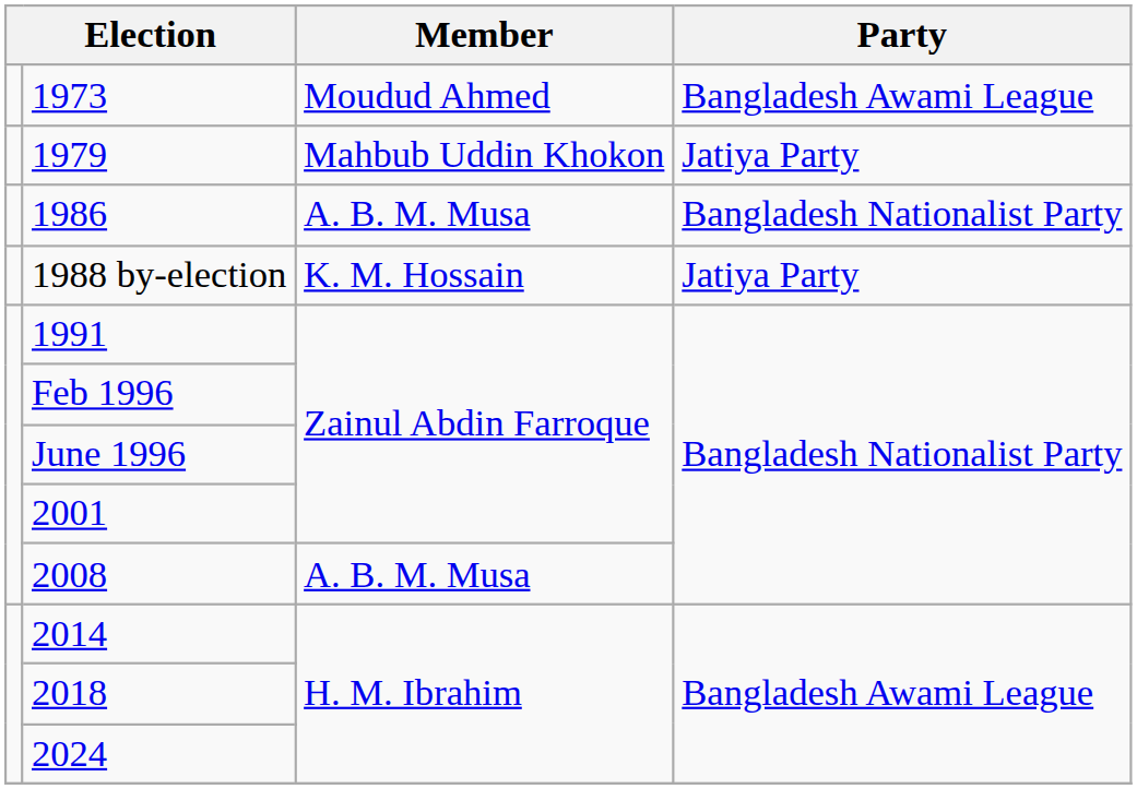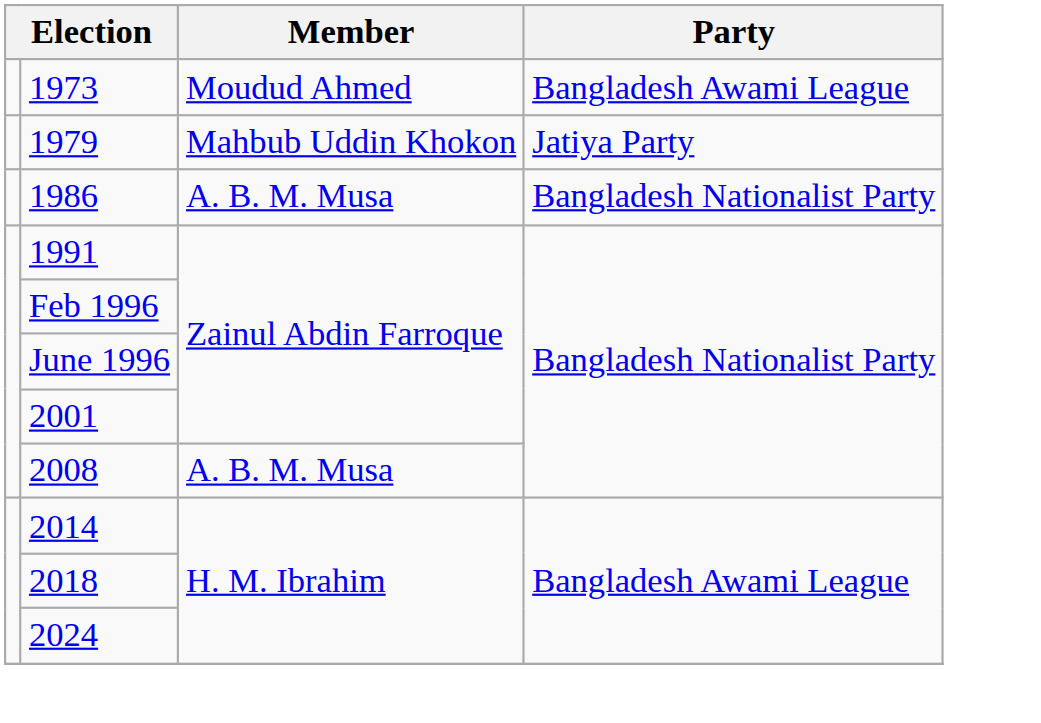 <table class="wikitable">
 <tr>
 <th colspan="2">Election</th>
 <th>Member</th>
 <th>Party</th>
 </tr>
 <tr>
 <td style="background-color:"></td>
 <td><a href='#'>1973</a></td>
 <td><a href='#'>Moudud Ahmed</a></td>
 <td><a href='#'>Bangladesh Awami League</a></td>
 </tr>
 <tr>
 <td style="background-color:"></td>
 <td><a href='#'>1979</a></td>
 <td><a href='#'>Mahbub Uddin Khokon</a></td>
 <td><a href='#'>Jatiya Party</a></td>
 </tr>
 <tr>
 <td style="background-color:"></td>
 <td><a href='#'>1986</a></td>
 <td><a href='#'>A. B. M. Musa</a></td>
 <td><a href='#'>Bangladesh Nationalist Party</a></td>
-</tr>
-<tr>
-<td style="background-color:"></td>
-<td>1988 by-election</td>
-<td><a href='#'>K. M. Hossain</a></td>
-<td><a href='#'>Jatiya Party</a></td>
 </tr>
 <tr>
 <td rowspan="5" style="background-color:"></td>
 <td><a href='#'>1991</a></td>
 <td rowspan="4"><a href='#'>Zainul Abdin Farroque</a></td>
 <td rowspan="5"><a href='#'>Bangladesh Nationalist Party</a></td>
 </tr>
 <tr>
 <td><a href='#'>Feb 1996</a></td>
 </tr>
 <tr>
 <td><a href='#'>June 1996</a></td>
 </tr>
 <tr>
 <td><a href='#'>2001</a></td>
 </tr>
 <tr>
 <td><a href='#'>2008</a></td>
 <td><a href='#'>A. B. M. Musa</a></td>
 </tr>
 <tr>
 <td rowspan="3" style="background-color:"></td>
 <td><a href='#'>2014</a></td>
 <td rowspan="3"><a href='#'>H. M. Ibrahim</a></td>
 <td rowspan="3"><a href='#'>Bangladesh Awami League</a></td>
 </tr>
 <tr>
 <td><a href='#'>2018</a></td>
 </tr>
 <tr>
 <td><a href='#'>2024</a></td>
 </tr>
 <tr>
 </tr>
 </table>
